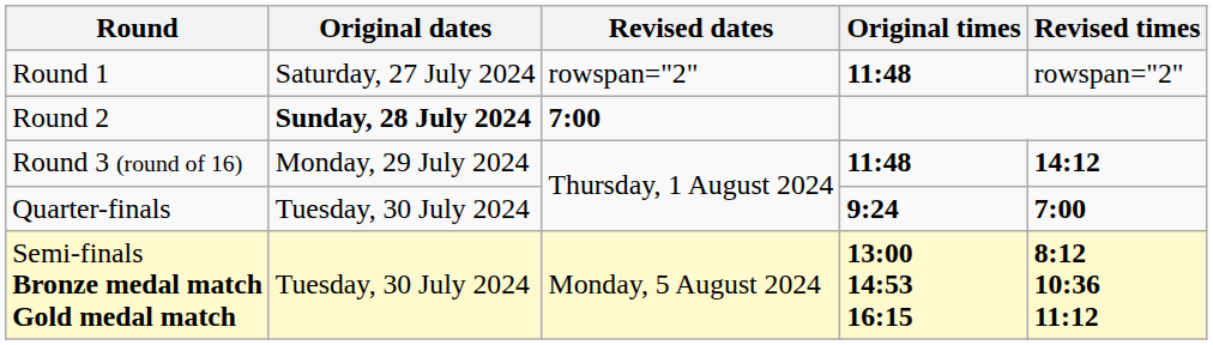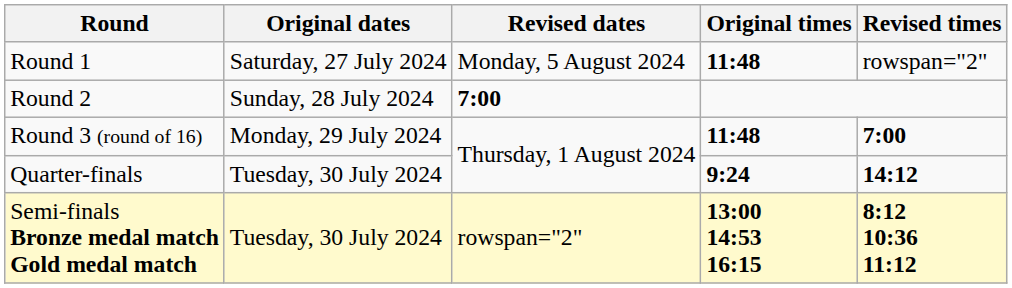 <table class="wikitable">
 <tr>
 <th>Round</th>
 <th>Original dates</th>
 <th>Revised dates</th>
 <th>Original times</th>
 <th>Revised times</th>
 </tr>
 <tr>
 <td>Round 1</td>
 <td>Saturday, 27 July 2024</td>
-<td>rowspan="2" </td>
+<td>Monday, 5 August 2024</td>
 <td><strong>11:48</strong></td>
 <td>rowspan="2" </td>
 </tr>
 <tr>
 <td>Round 2</td>
-<td><strong>Sunday, 28 July 2024</strong></td>
+<td>Sunday, 28 July 2024</td>
 <td><strong>7:00</strong></td>
 </tr>
 <tr>
 <td>Round 3 <small>(round of 16)</small></td>
 <td>Monday, 29 July 2024</td>
 <td rowspan=2>Thursday, 1 August 2024</td>
 <td><strong>11:48</strong></td>
-<td><strong>14:12</strong></td>
+<td><strong>7:00</strong></td>
 </tr>
 <tr>
 <td>Quarter-finals</td>
 <td>Tuesday, 30 July 2024</td>
 <td><strong>9:24</strong></td>
-<td><strong>7:00</strong></td>
+<td><strong>14:12</strong></td>
 </tr>
 <tr style=background:lemonchiffon>
 <td>Semi-finals<br><strong>Bronze medal match</strong><br><strong>Gold medal match</strong></td>
 <td>Tuesday, 30 July 2024</td>
-<td>Monday, 5 August 2024</td>
+<td>rowspan="2" </td>
 <td><strong>13:00</strong><br><strong>14:53</strong><br><strong>16:15</strong></td>
 <td><strong>8:12</strong><br><strong>10:36</strong><br><strong>11:12</strong></td>
 </tr>
 </table>
